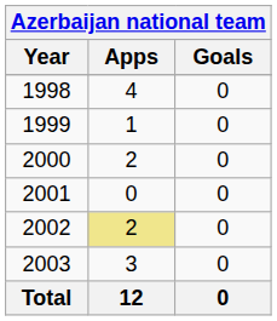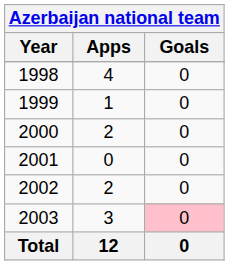 <table class="wikitable" style="text-align:center">
 <tr>
 <th colspan=3><a href='#'>Azerbaijan national team</a></th>
 </tr>
 <tr>
 <th>Year</th>
 <th>Apps</th>
 <th>Goals</th>
 </tr>
 <tr>
 </tr>
 <tr>
 <td>1998</td>
 <td>4</td>
 <td>0</td>
 </tr>
 <tr>
 <td>1999</td>
 <td>1</td>
 <td>0</td>
 </tr>
 <tr>
 <td>2000</td>
 <td>2</td>
 <td>0</td>
 </tr>
 <tr>
 <td>2001</td>
 <td>0</td>
 <td>0</td>
 </tr>
 <tr>
 <td>2002</td>
-<td style="background: khaki;">2</td>
+<td>2</td>
 <td>0</td>
 </tr>
 <tr>
 <td>2003</td>
 <td>3</td>
-<td>0</td>
+<td style="background: pink;">0</td>
 </tr>
 <tr>
 <th>Total</th>
 <th>12</th>
 <th>0</th>
 </tr>
 </table>
